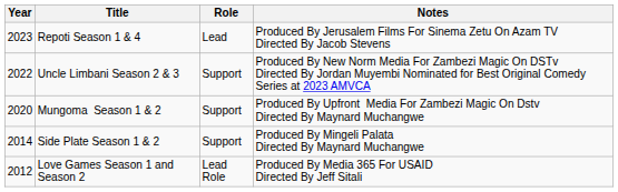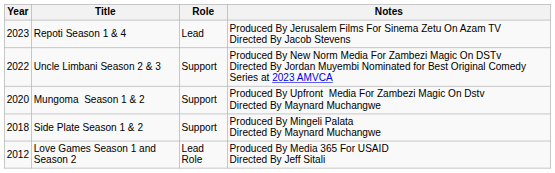 <table class="wikitable">
 <tr>
 <th>Year</th>
 <th>Title</th>
 <th>Role</th>
 <th>Notes</th>
 </tr>
 <tr>
 <td>2023</td>
 <td>Repoti Season 1 & 4</td>
 <td>Lead</td>
 <td>Produced By Jerusalem Films For Sinema Zetu On Azam TV<br>Directed By Jacob Stevens</td>
 </tr>
 <tr>
 <td>2022</td>
 <td>Uncle Limbani Season 2 & 3</td>
 <td>Support</td>
 <td>Produced By New Norm Media For Zambezi Magic On DSTv<br>Directed By Jordan Muyembi Nominated for Best Original Comedy Series at <a href='#'>2023 AMVCA</a></td>
 </tr>
 <tr>
 <td>2020</td>
 <td>Mungoma  Season 1 & 2</td>
 <td>Support</td>
 <td>Produced By Upfront  Media For Zambezi Magic On Dstv<br>Directed By Maynard Muchangwe</td>
 </tr>
 <tr>
-<td>2014</td>
+<td>2018</td>
 <td>Side Plate Season 1 & 2</td>
 <td>Support</td>
 <td>Produced By Mingeli Palata<br>Directed By Maynard Muchangwe</td>
 </tr>
 <tr>
 <td>2012</td>
 <td>Love Games Season 1 and Season 2</td>
 <td>Lead Role</td>
 <td>Produced By Media 365 For USAID<br>Directed By Jeff Sitali</td>
 </tr>
 </table>
